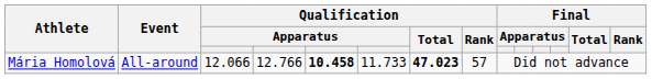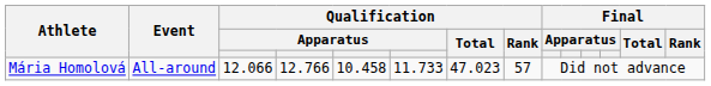 <table class="wikitable" style="font-size:90%">
 <tr>
 <th rowspan=3>Athlete</th>
 <th rowspan=3>Event</th>
 <th colspan =6>Qualification</th>
 <th colspan =6>Final</th>
 </tr>
 <tr style="font-size:95%">
 <th colspan=4>Apparatus</th>
 <th rowspan=2>Total</th>
 <th rowspan=2>Rank</th>
 <th colspan=4>Apparatus</th>
 <th rowspan=2>Total</th>
 <th rowspan=2>Rank</th>
 </tr>
 <tr style="font-size:95%">
 <th></th>
 <th></th>
 <th></th>
 <th></th>
 <th></th>
 <th></th>
 <th></th>
 <th></th>
 </tr>
 <tr align=center>
 <td align=left><a href='#'>Mária Homolová</a></td>
 <td align=left><a href='#'>All-around</a></td>
 <td>12.066</td>
 <td>12.766</td>
-<td><strong>10.458</strong></td>
+<td>10.458</td>
 <td>11.733</td>
-<td><strong>47.023</strong></td>
+<td>47.023</td>
 <td>57</td>
 <td colspan=6>Did not advance</td>
 </tr>
 </table>
